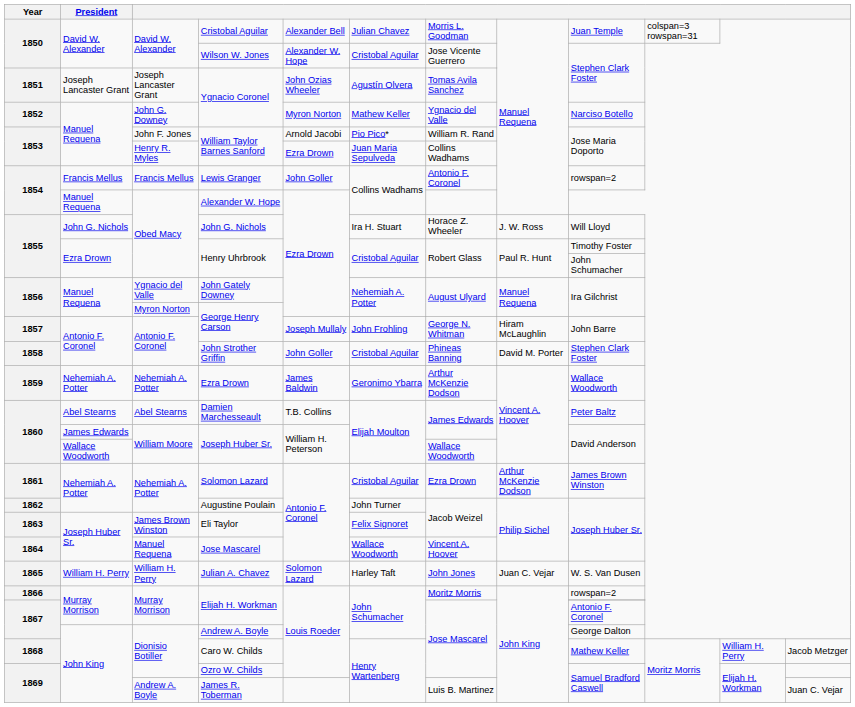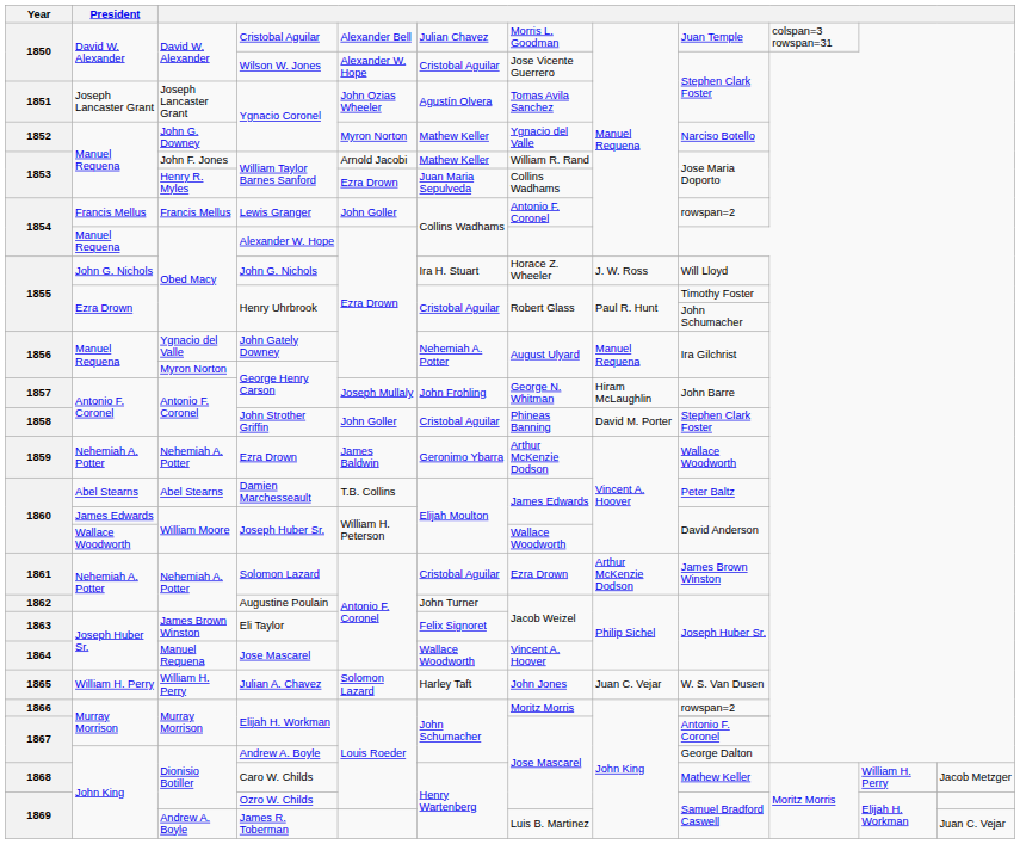 <table class="wikitable" width=100% style="font-size: 86%;">
 <tr>
 <th width="4.6%">Year</th>
 <th !rowspan=1 width="4.6%"><a href='#'>President</a></th>
 <th colspan="10" align="left"></th>
 </tr>
 <tr>
 <th rowspan=2>1850</th>
 <td rowspan="3" width="5.3%"><a href='#'>David W. Alexander</a></td>
 <td rowspan="3" width="5.3%"><a href='#'>David W. Alexander</a></td>
 <td width="5.3%"><a href='#'>Cristobal Aguilar</a></td>
 <td width="5.3%"><a href='#'>Alexander Bell</a></td>
 <td width="5.3%"><a href='#'>Julian Chavez</a></td>
 <td width="5.3%"><a href='#'>Morris L. Goodman</a></td>
 <td rowspan="9" width="5.3%"><a href='#'>Manuel Requena</a></td>
 <td width="5.3%"><a href='#'>Juan Temple</a></td>
 <td>colspan=3 rowspan=31 </td>
 </tr>
 <tr>
 <td width="5.3%"><a href='#'>Wilson W. Jones</a></td>
 <td rowspan="2" width="5.3%"><a href='#'>Alexander W. Hope</a></td>
 <td><a href='#'>Cristobal Aguilar</a></td>
 <td width="5.3%">Jose Vicente Guerrero</td>
 <td width="5.3%" rowspan=3><a href='#'>Stephen Clark Foster</a></td>
 </tr>
 <tr>
 <th rowspan=2>1851</th>
 <td width="5.3%" rowspan=3><a href='#'>Ygnacio Coronel</a></td>
 <td width="5.3%" rowspan=2><a href='#'>Agustín Olvera</a></td>
 <td width="5.3%" rowspan=2><a href='#'>Tomas Avila Sanchez</a></td>
 </tr>
 <tr>
 <td width="5.3%">Joseph Lancaster Grant</td>
 <td width="5.3%">Joseph Lancaster Grant</td>
 <td width="5.3%"><a href='#'>John Ozias Wheeler</a></td>
 </tr>
 <tr>
 <th>1852</th>
 <td rowspan="3" width="5.3%"><a href='#'>Manuel Requena</a></td>
 <td width="5.3%"><a href='#'>John G. Downey</a></td>
 <td width="5.3%"><a href='#'>Myron Norton</a></td>
 <td width="5.3%"><a href='#'>Mathew Keller</a></td>
 <td width="5.3%"><a href='#'>Ygnacio del Valle</a></td>
 <td width="5.3%"><a href='#'>Narciso Botello</a></td>
 </tr>
 <tr>
 <th rowspan=2>1853</th>
 <td width="5.3%">John F. Jones</td>
 <td width="5.3%" rowspan=2><a href='#'>William Taylor Barnes Sanford</a></td>
 <td width="5.3%">Arnold Jacobi</td>
-<td width="5.3%"><a href='#'>Pio Pico</a>*</td>
+<td width="5.3%"><a href='#'>Mathew Keller</a></td>
 <td width="5.3%">William R. Rand</td>
 <td width="5.3%" rowspan=2>Jose Maria Doporto</td>
 </tr>
 <tr>
 <td width="5.3%"><a href='#'>Henry R. Myles</a></td>
 <td width="5.3%"><a href='#'>Ezra Drown</a></td>
 <td width="5.3%"><a href='#'>Juan Maria Sepulveda</a></td>
 <td width="5.3%">Collins Wadhams</td>
 </tr>
 <tr>
 <th rowspan=2>1854</th>
 <td width="5.3%"><a href='#'>Francis Mellus</a></td>
 <td width="5.3%"><a href='#'>Francis Mellus</a></td>
 <td width="5.3%"><a href='#'>Lewis Granger</a></td>
 <td><a href='#'>John Goller</a></td>
 <td width="5.3%" rowspan=2>Collins Wadhams</td>
 <td width="5.3%"><a href='#'>Antonio F. Coronel</a></td>
 <td>rowspan=2</td>
 </tr>
 <tr>
 <td width="5.3%"><a href='#'>Manuel Requena</a></td>
 <td width="5.3%" rowspan=4><a href='#'>Obed Macy</a></td>
 <td width="5.3%"><a href='#'>Alexander W. Hope</a></td>
 <td width="5.3%" rowspan=6><a href='#'>Ezra Drown</a></td>
 <td></td>
 </tr>
 <tr>
 <th rowspan=3>1855</th>
 <td width="5.3%" rowspan=1><a href='#'>John G. Nichols</a></td>
 <td width="5.3%" rowspan=1><a href='#'>John G. Nichols</a></td>
 <td width="5.3%">Ira H. Stuart</td>
 <td width="5.3%">Horace Z. Wheeler</td>
 <td width="5.3%">J. W. Ross</td>
 <td>Will Lloyd</td>
 </tr>
 <tr>
 <td width="5.3%" rowspan=2><a href='#'>Ezra Drown</a></td>
 <td rowspan=2>Henry Uhrbrook</td>
 <td width="5.3%" rowspan=2><a href='#'>Cristobal Aguilar</a></td>
 <td width="5.3%" rowspan=2>Robert Glass</td>
 <td width="5.3%" rowspan=2>Paul R. Hunt</td>
 <td>Timothy Foster</td>
 </tr>
 <tr>
 <td>John Schumacher</td>
 </tr>
 <tr>
 <th rowspan=2>1856</th>
 <td width="5.3%" rowspan=2><a href='#'>Manuel Requena</a></td>
 <td width="5.3%"><a href='#'>Ygnacio del Valle</a></td>
 <td width="5.3%"><a href='#'>John Gately Downey</a></td>
 <td width="5.3%" rowspan=2><a href='#'>Nehemiah A. Potter</a></td>
 <td width="5.3%" rowspan=3><a href='#'>August Ulyard</a></td>
 <td width="5.3%" rowspan=2><a href='#'>Manuel Requena</a></td>
 <td width="5.3%" rowspan=2>Ira Gilchrist</td>
 </tr>
 <tr>
 <td width="5.3%"><a href='#'>Myron Norton</a></td>
 <td width="5.3%" rowspan=3><a href='#'>George Henry Carson</a></td>
 </tr>
 <tr>
 <th rowspan=2>1857</th>
 <td width="5.3%" rowspan=3><a href='#'>Antonio F. Coronel</a></td>
 <td width="5.3%" rowspan=3><a href='#'>Antonio F. Coronel</a></td>
 <td width="5.3%" rowspan=2><a href='#'>Joseph Mullaly</a></td>
 <td width="5.3%" rowspan=2><a href='#'>John Frohling</a></td>
 <td width="5.3%" rowspan=2>Hiram McLaughlin</td>
 <td width="5.3%" rowspan=2>John Barre</td>
 </tr>
 <tr>
 <td width="5.3%" rowspan=1><a href='#'>George N. Whitman</a></td>
 </tr>
 <tr>
 <th>1858</th>
 <td width="5.3%" rowspan=1><a href='#'>John Strother Griffin</a></td>
 <td width="5.3%" rowspan=1><a href='#'>John Goller</a></td>
 <td width="5.3%" rowspan=1><a href='#'>Cristobal Aguilar</a></td>
 <td width="5.3%" rowspan=1><a href='#'>Phineas Banning</a></td>
 <td width="5.3%" rowspan=2>David M. Porter</td>
 <td width="5.3%" rowspan=1><a href='#'>Stephen Clark Foster</a></td>
 </tr>
 <tr>
 <th rowspan=2>1859</th>
 <td width="5.3%" rowspan=2><a href='#'>Nehemiah A. Potter</a></td>
 <td width="5.3%" rowspan=2><a href='#'>Nehemiah A. Potter</a></td>
 <td width="5.3%" rowspan=2><a href='#'>Ezra Drown</a></td>
 <td width="5.3%" rowspan=2><a href='#'>James Baldwin</a></td>
 <td width="5.3%" rowspan=2><a href='#'>Geronimo Ybarra</a></td>
 <td width="5.3%" rowspan=2><a href='#'>Arthur McKenzie Dodson</a></td>
 <td width="5.3%" rowspan=2><a href='#'>Wallace Woodworth</a></td>
 </tr>
 <tr>
 <td width="5.3%" rowspan=4><a href='#'>Vincent A. Hoover</a></td>
 </tr>
 <tr>
 <th rowspan=3>1860</th>
 <td><a href='#'>Abel Stearns</a></td>
 <td><a href='#'>Abel Stearns</a></td>
 <td><a href='#'>Damien Marchesseault</a></td>
 <td>T.B. Collins</td>
 <td rowspan=3><a href='#'>Elijah Moulton</a></td>
 <td rowspan=2><a href='#'>James Edwards</a></td>
 <td><a href='#'>Peter Baltz</a></td>
 </tr>
 <tr>
 <td><a href='#'>James Edwards</a></td>
 <td rowspan=2><a href='#'>William Moore</a></td>
 <td rowspan=2><a href='#'>Joseph Huber Sr.</a></td>
 <td rowspan=2>William H. Peterson</td>
 <td rowspan=2>David Anderson</td>
 </tr>
 <tr>
 <td><a href='#'>Wallace Woodworth</a></td>
 <td><a href='#'>Wallace Woodworth</a></td>
 </tr>
 <tr>
 <th>1861</th>
 <td rowspan=2><a href='#'>Nehemiah A. Potter</a></td>
 <td rowspan=2><a href='#'>Nehemiah A. Potter</a></td>
 <td><a href='#'>Solomon Lazard</a></td>
 <td rowspan=4><a href='#'>Antonio F. Coronel</a></td>
 <td><a href='#'>Cristobal Aguilar</a></td>
 <td><a href='#'>Ezra Drown</a></td>
 <td><a href='#'>Arthur McKenzie Dodson</a></td>
 <td><a href='#'>James Brown Winston</a></td>
 </tr>
 <tr>
 <th>1862</th>
 <td>Augustine Poulain</td>
 <td>John Turner</td>
 <td rowspan=2>Jacob Weizel</td>
 <td rowspan=3><a href='#'>Philip Sichel</a></td>
 <td rowspan=3><a href='#'>Joseph Huber Sr.</a></td>
 </tr>
 <tr>
 <th>1863</th>
 <td rowspan=2><a href='#'>Joseph Huber Sr.</a></td>
 <td><a href='#'>James Brown Winston</a></td>
 <td>Eli Taylor</td>
 <td><a href='#'>Felix Signoret</a></td>
 </tr>
 <tr>
 <th>1864</th>
 <td><a href='#'>Manuel Requena</a></td>
 <td><a href='#'>Jose Mascarel</a></td>
 <td><a href='#'>Wallace Woodworth</a></td>
 <td><a href='#'>Vincent A. Hoover</a></td>
 </tr>
 <tr>
 <th>1865</th>
 <td><a href='#'>William H. Perry</a></td>
 <td><a href='#'>William H. Perry</a></td>
 <td><a href='#'>Julian A. Chavez</a></td>
 <td width="5.3%"><a href='#'>Solomon Lazard</a></td>
 <td>Harley Taft</td>
 <td><a href='#'>John Jones</a></td>
 <td>Juan C. Vejar</td>
 <td>W. S. Van Dusen</td>
 </tr>
 <tr>
 <th rowspan=2>1866</th>
 <td rowspan=3><a href='#'>Murray Morrison</a></td>
 <td rowspan=3><a href='#'>Murray Morrison</a></td>
 <td rowspan=3><a href='#'>Elijah H. Workman</a></td>
 <td rowspan=6><a href='#'>Louis Roeder</a></td>
 <td rowspan=4><a href='#'>John Schumacher</a></td>
 <td><a href='#'>Moritz Morris</a></td>
 <td rowspan=7><a href='#'>John King</a></td>
 <td>rowspan=2 </td>
 </tr>
 <tr>
 <td rowspan=5><a href='#'>Jose Mascarel</a></td>
 </tr>
 <tr>
 <th rowspan=2>1867</th>
 <td><a href='#'>Antonio F. Coronel</a></td>
 </tr>
 <tr>
 <td rowspan=4><a href='#'>John King</a></td>
 <td rowspan=3><a href='#'>Dionisio Botiller</a></td>
 <td><a href='#'>Andrew A. Boyle</a></td>
 <td>George Dalton</td>
 </tr>
 <tr>
 <th>1868</th>
 <td>Caro W. Childs</td>
 <td rowspan=3><a href='#'>Henry Wartenberg</a></td>
 <td><a href='#'>Mathew Keller</a></td>
 <td width="5.3%" rowspan=3><a href='#'>Moritz Morris</a></td>
 <td width="5.3%"><a href='#'>William H. Perry</a></td>
 <td width="5.3%">Jacob Metzger</td>
 </tr>
 <tr>
 <th rowspan=2>1869</th>
 <td><a href='#'>Ozro W. Childs</a></td>
 <td rowspan=2><a href='#'>Samuel Bradford Caswell</a></td>
 <td rowspan=2><a href='#'>Elijah H. Workman</a></td>
 <td></td>
 </tr>
 <tr>
 <td><a href='#'>Andrew A. Boyle</a></td>
 <td><a href='#'>James R. Toberman</a></td>
 <td></td>
 <td>Luis B. Martinez</td>
 <td>Juan C. Vejar</td>
 </tr>
 </table>
